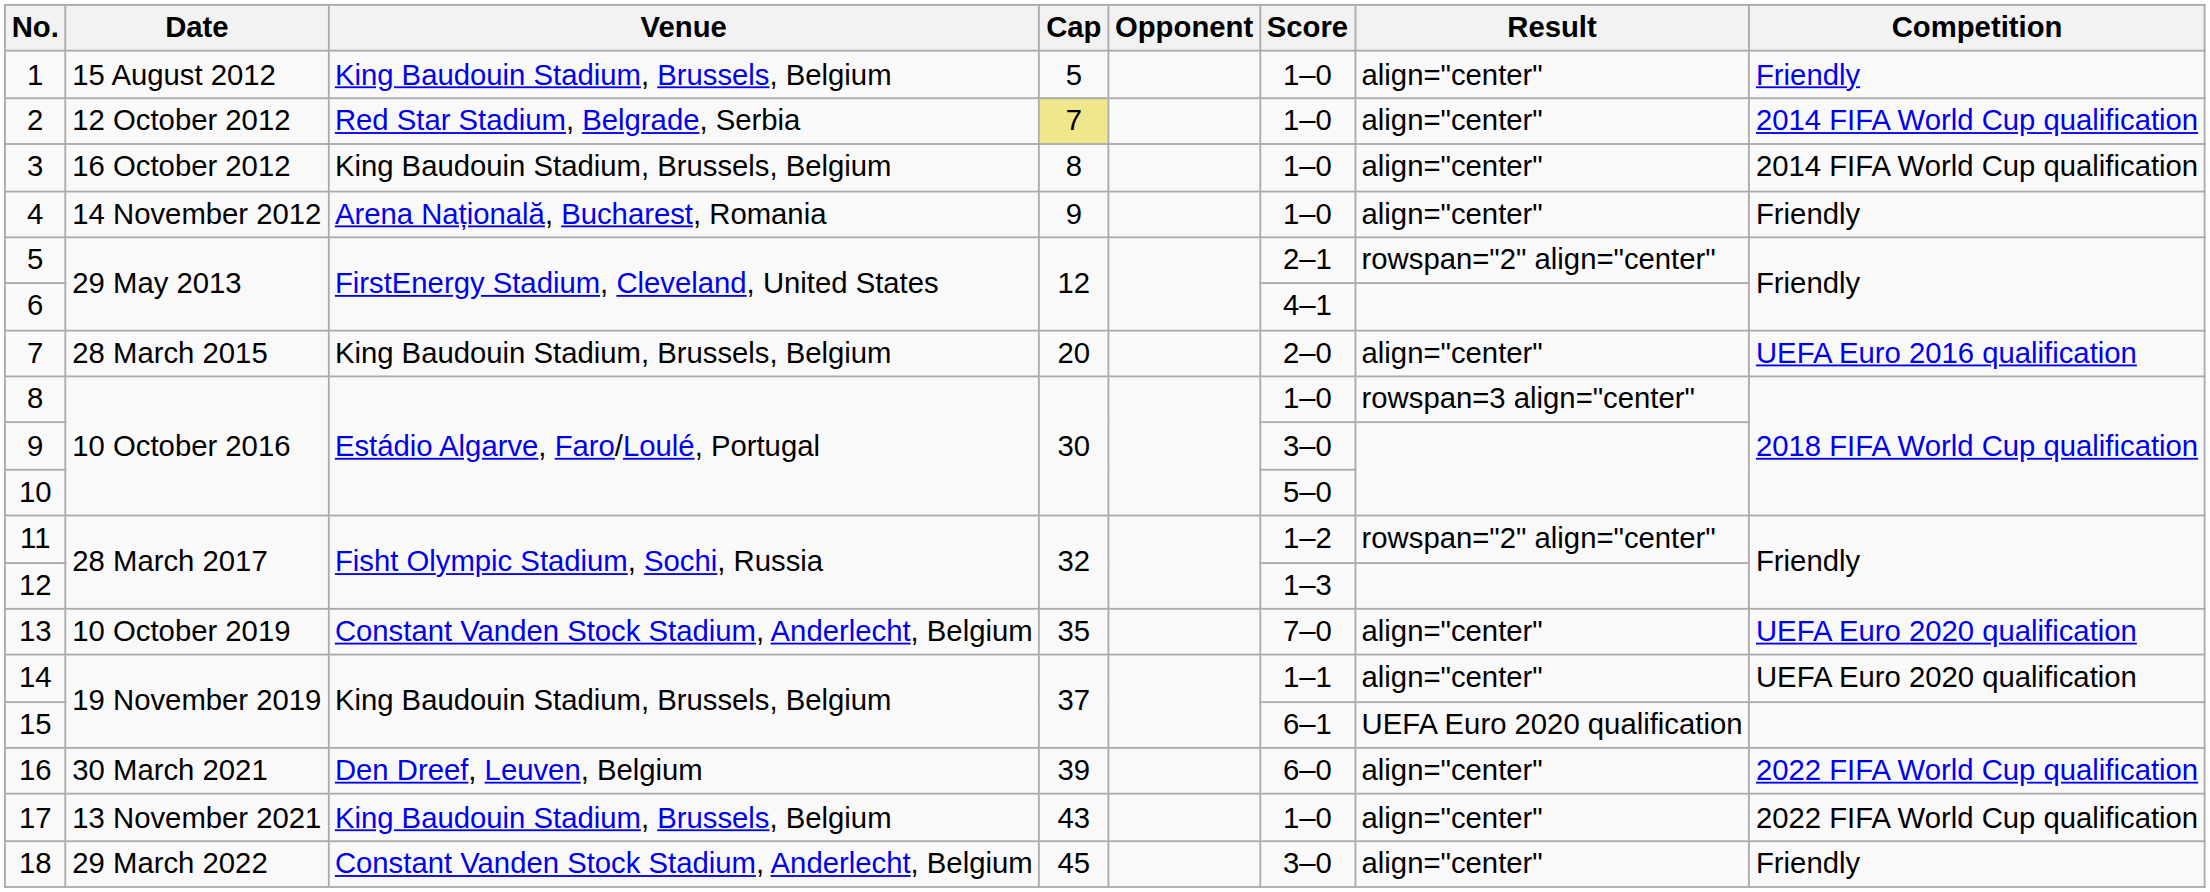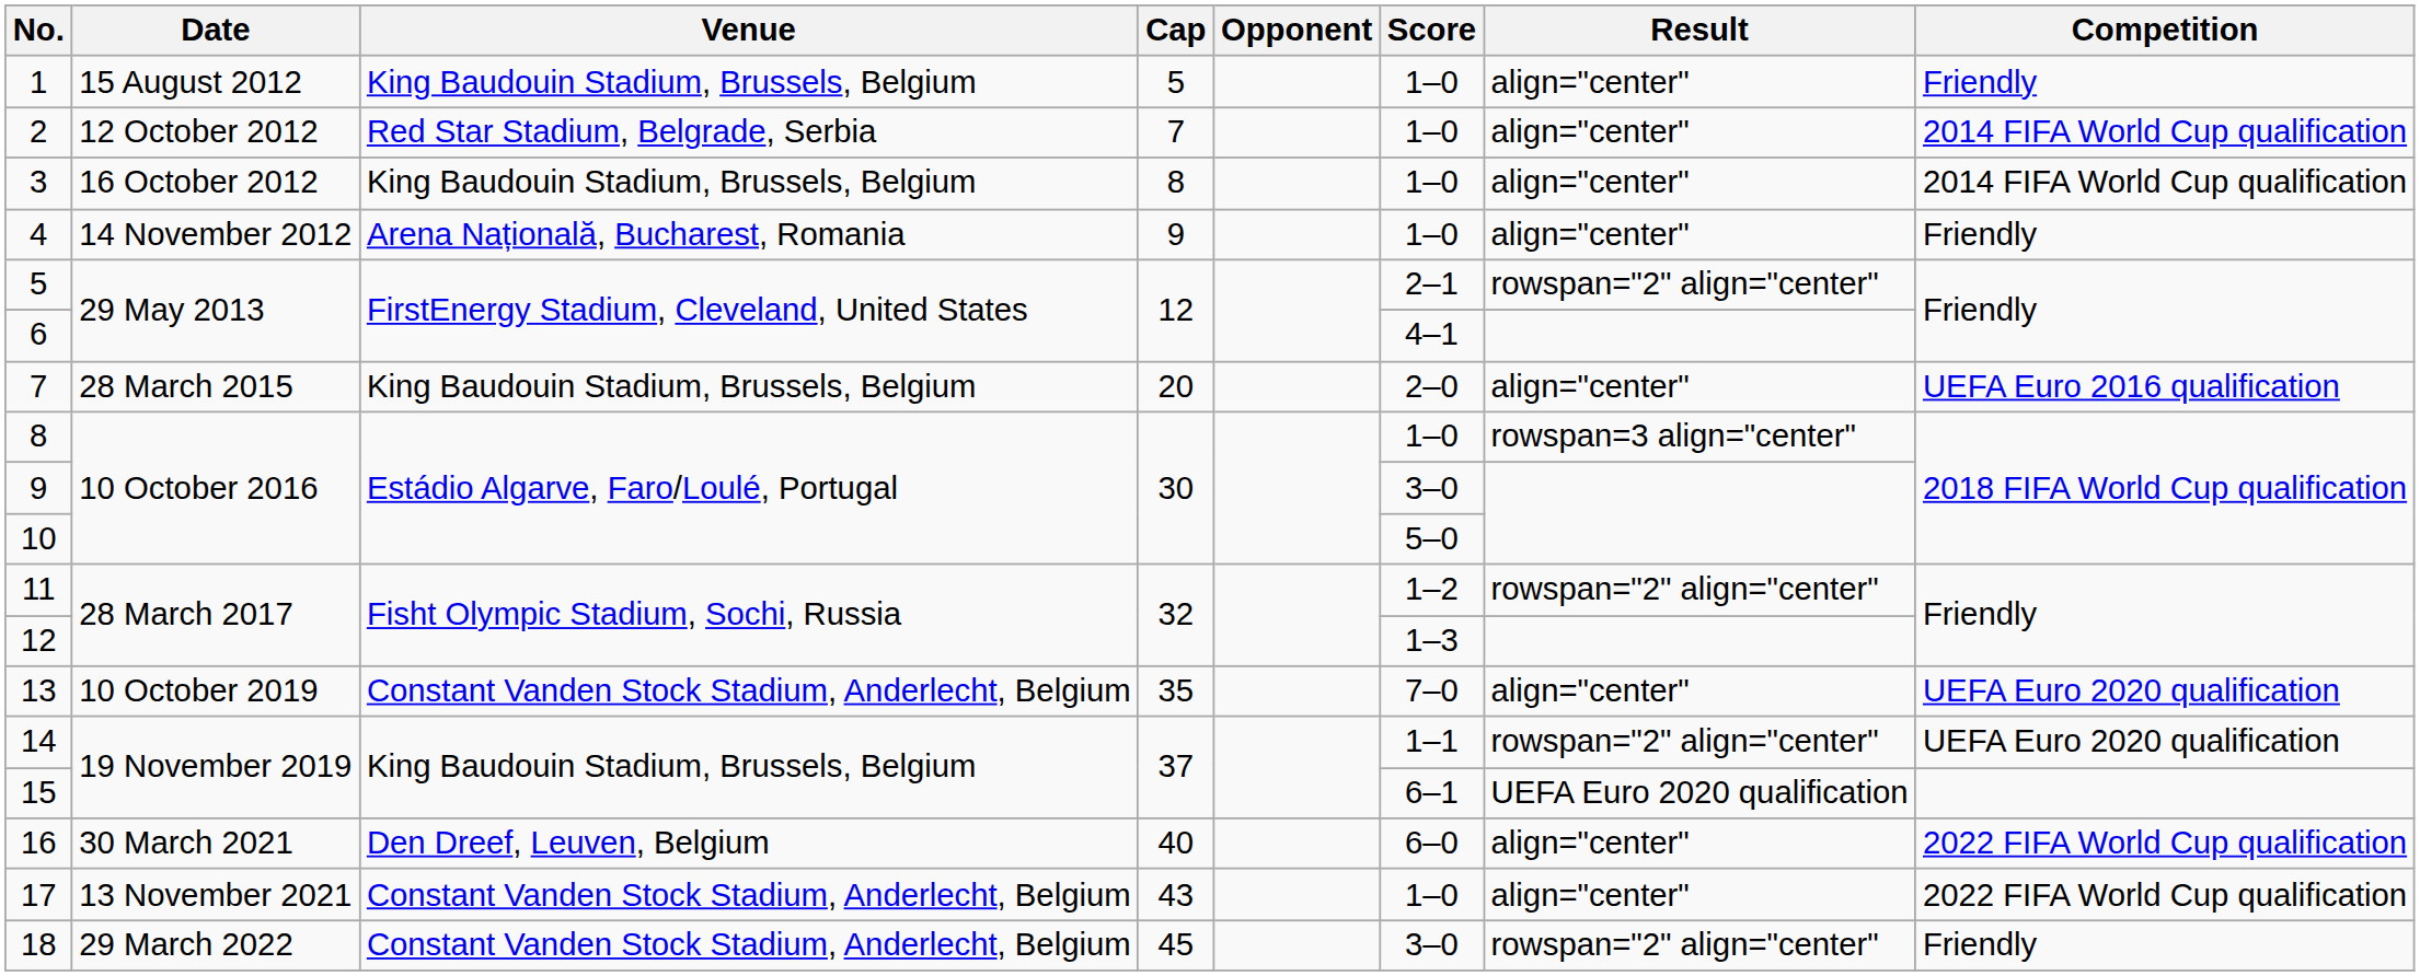 <table class="wikitable sortable">
 <tr>
 <th scope="col">No.</th>
 <th scope="col" data-sort-type="date">Date</th>
 <th scope="col">Venue</th>
 <th scope="col">Cap</th>
 <th scope="col">Opponent</th>
 <th scope="col">Score</th>
 <th scope="col">Result</th>
 <th scope="col">Competition</th>
 </tr>
 <tr>
 <td align="center">1</td>
 <td>15 August 2012</td>
 <td><a href='#'>King Baudouin Stadium</a>, <a href='#'>Brussels</a>, Belgium</td>
 <td align="center">5</td>
 <td></td>
 <td align="center">1–0</td>
 <td>align="center"</td>
 <td><a href='#'>Friendly</a></td>
 </tr>
 <tr>
 <td align="center">2</td>
 <td>12 October 2012</td>
 <td><a href='#'>Red Star Stadium</a>, <a href='#'>Belgrade</a>, Serbia</td>
-<td align="center" style="background: khaki;">7</td>
+<td align="center">7</td>
 <td></td>
 <td align="center">1–0</td>
 <td>align="center"</td>
 <td><a href='#'>2014 FIFA World Cup qualification</a></td>
 </tr>
 <tr>
 <td align="center">3</td>
 <td>16 October 2012</td>
 <td>King Baudouin Stadium, Brussels, Belgium</td>
 <td align="center">8</td>
 <td></td>
 <td align="center">1–0</td>
 <td>align="center"</td>
 <td>2014 FIFA World Cup qualification</td>
 </tr>
 <tr>
 <td align="center">4</td>
 <td>14 November 2012</td>
 <td><a href='#'>Arena Națională</a>, <a href='#'>Bucharest</a>, Romania</td>
 <td align="center">9</td>
 <td></td>
 <td align="center">1–0</td>
 <td>align="center"</td>
 <td>Friendly</td>
 </tr>
 <tr>
 <td align="center">5</td>
 <td rowspan="2">29 May 2013</td>
 <td rowspan="2"><a href='#'>FirstEnergy Stadium</a>, <a href='#'>Cleveland</a>, United States</td>
 <td rowspan="2" align="center">12</td>
 <td rowspan="2"></td>
 <td align="center">2–1</td>
 <td>rowspan="2" align="center"</td>
 <td rowspan="2">Friendly</td>
 </tr>
 <tr>
 <td align="center">6</td>
 <td align="center">4–1</td>
 </tr>
 <tr>
 <td align="center">7</td>
 <td>28 March 2015</td>
 <td>King Baudouin Stadium, Brussels, Belgium</td>
 <td align="center">20</td>
 <td></td>
 <td align="center">2–0</td>
 <td>align="center"</td>
 <td><a href='#'>UEFA Euro 2016 qualification</a></td>
 </tr>
 <tr>
 <td align="center">8</td>
 <td rowspan="3">10 October 2016</td>
 <td rowspan="3"><a href='#'>Estádio Algarve</a>, <a href='#'>Faro</a>/<a href='#'>Loulé</a>, Portugal</td>
 <td rowspan=3 align="center">30</td>
 <td rowspan="3"></td>
 <td align="center">1–0</td>
 <td>rowspan=3 align="center"</td>
 <td rowspan="3"><a href='#'>2018 FIFA World Cup qualification</a></td>
 </tr>
 <tr>
 <td align="center">9</td>
 <td align="center">3–0</td>
 </tr>
 <tr>
 <td align="center">10</td>
 <td align="center">5–0</td>
 </tr>
 <tr>
 <td align="center">11</td>
 <td rowspan="2">28 March 2017</td>
 <td rowspan="2"><a href='#'>Fisht Olympic Stadium</a>, <a href='#'>Sochi</a>, Russia</td>
 <td rowspan="2" align="center">32</td>
 <td rowspan="2"></td>
 <td align="center">1–2</td>
 <td>rowspan="2" align="center"</td>
 <td rowspan="2">Friendly</td>
 </tr>
 <tr>
 <td align="center">12</td>
 <td align="center">1–3</td>
 </tr>
 <tr>
 <td align="center">13</td>
 <td>10 October 2019</td>
 <td><a href='#'>Constant Vanden Stock Stadium</a>, <a href='#'>Anderlecht</a>, Belgium</td>
 <td align="center">35</td>
 <td></td>
 <td align="center">7–0</td>
 <td>align="center"</td>
 <td><a href='#'>UEFA Euro 2020 qualification</a></td>
 </tr>
 <tr>
 <td align="center">14</td>
 <td rowspan="2">19 November 2019</td>
 <td rowspan="2">King Baudouin Stadium, Brussels, Belgium</td>
 <td rowspan="2" align="center">37</td>
 <td rowspan="2"></td>
 <td align="center">1–1</td>
-<td>align="center"</td>
+<td>rowspan="2" align="center"</td>
 <td>UEFA Euro 2020 qualification</td>
 </tr>
 <tr>
 <td align="center">15</td>
 <td align="center">6–1</td>
 <td>UEFA Euro 2020 qualification</td>
 </tr>
 <tr>
 <td align="center">16</td>
 <td>30 March 2021</td>
 <td><a href='#'>Den Dreef</a>, <a href='#'>Leuven</a>, Belgium</td>
-<td align="center">39</td>
+<td align="center">40</td>
 <td></td>
 <td align="center">6–0</td>
 <td>align="center"</td>
 <td><a href='#'>2022 FIFA World Cup qualification</a></td>
 </tr>
 <tr>
 <td align="center">17</td>
 <td>13 November 2021</td>
-<td><a href='#'>King Baudouin Stadium</a>, <a href='#'>Brussels</a>, Belgium</td>
+<td><a href='#'>Constant Vanden Stock Stadium</a>, <a href='#'>Anderlecht</a>, Belgium</td>
 <td align="center">43</td>
 <td><br></td>
 <td align="center">1–0</td>
 <td>align="center"</td>
 <td>2022 FIFA World Cup qualification</td>
 </tr>
 <tr>
 <td align="center">18</td>
 <td>29 March 2022</td>
 <td><a href='#'>Constant Vanden Stock Stadium</a>, <a href='#'>Anderlecht</a>, Belgium</td>
 <td align="center">45</td>
 <td><br></td>
 <td align="center">3–0</td>
-<td>align="center"</td>
+<td>rowspan="2" align="center"</td>
 <td>Friendly</td>
 </tr>
 </table>
